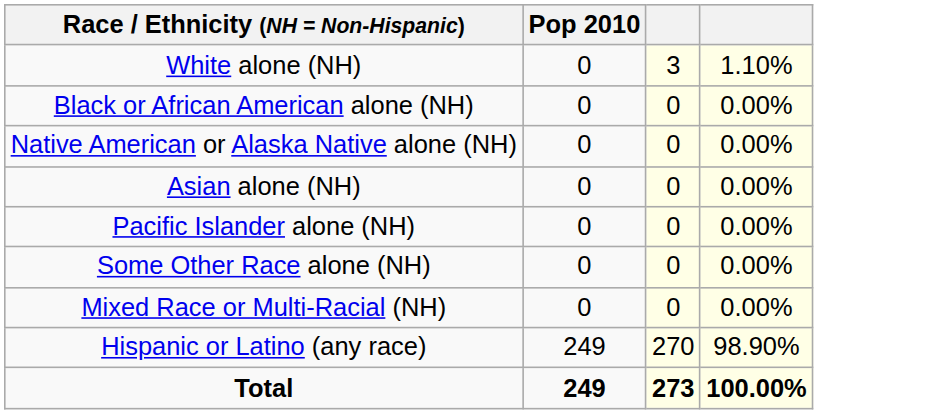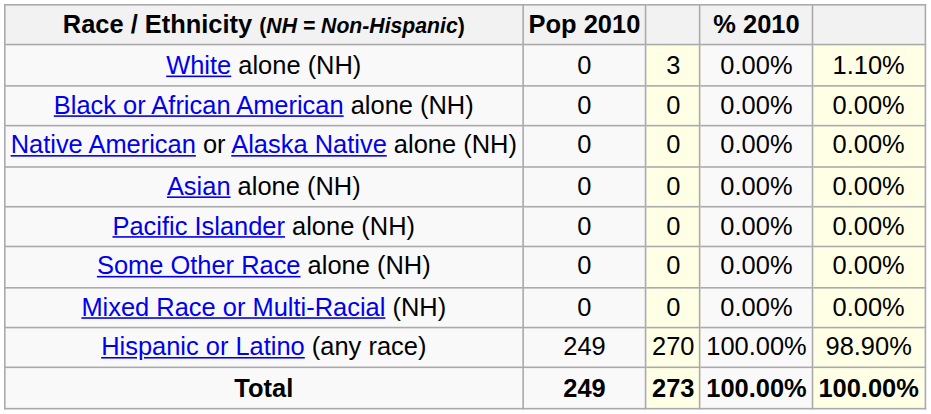 <table class="wikitable" style="text-align:center;">
 <tr>
 <th>Race / Ethnicity <small>(<em>NH = Non-Hispanic</em>)</small></th>
 <th>Pop 2010</th>
 <th></th>
+<th>% 2010</th>
 <th></th>
 </tr>
 <tr>
 <td><a href='#'>White</a> alone (NH)</td>
 <td>0</td>
 <td style='background: #ffffe6;'>3</td>
+<td>0.00%</td>
 <td style='background: #ffffe6;'>1.10%</td>
 </tr>
 <tr>
 <td><a href='#'>Black or African American</a> alone (NH)</td>
 <td>0</td>
 <td style='background: #ffffe6;'>0</td>
+<td>0.00%</td>
 <td style='background: #ffffe6;'>0.00%</td>
 </tr>
 <tr>
 <td><a href='#'>Native American</a> or <a href='#'>Alaska Native</a> alone (NH)</td>
 <td>0</td>
 <td style='background: #ffffe6;'>0</td>
+<td>0.00%</td>
 <td style='background: #ffffe6;'>0.00%</td>
 </tr>
 <tr>
 <td><a href='#'>Asian</a> alone (NH)</td>
 <td>0</td>
 <td style='background: #ffffe6;'>0</td>
+<td>0.00%</td>
 <td style='background: #ffffe6;'>0.00%</td>
 </tr>
 <tr>
 <td><a href='#'>Pacific Islander</a> alone (NH)</td>
 <td>0</td>
 <td style='background: #ffffe6;'>0</td>
+<td>0.00%</td>
 <td style='background: #ffffe6;'>0.00%</td>
 </tr>
 <tr>
 <td><a href='#'>Some Other Race</a> alone (NH)</td>
 <td>0</td>
 <td style='background: #ffffe6;'>0</td>
+<td>0.00%</td>
 <td style='background: #ffffe6;'>0.00%</td>
 </tr>
 <tr>
 <td><a href='#'>Mixed Race or Multi-Racial</a> (NH)</td>
 <td>0</td>
 <td style='background: #ffffe6;'>0</td>
+<td>0.00%</td>
 <td style='background: #ffffe6;'>0.00%</td>
 </tr>
 <tr>
 <td><a href='#'>Hispanic or Latino</a> (any race)</td>
 <td>249</td>
 <td style='background: #ffffe6;'>270</td>
+<td>100.00%</td>
 <td style='background: #ffffe6;'>98.90%</td>
 </tr>
 <tr>
 <td><strong>Total</strong></td>
 <td><strong>249</strong></td>
 <td style='background: #ffffe6;'><strong>273</strong></td>
+<td><strong>100.00%</strong></td>
 <td style='background: #ffffe6;'><strong>100.00%</strong></td>
 </tr>
 </table>
